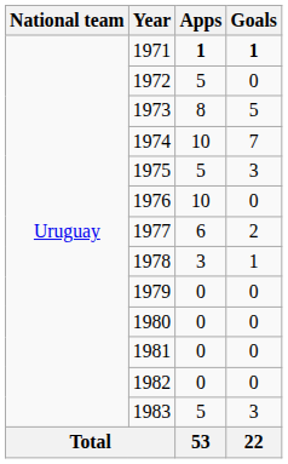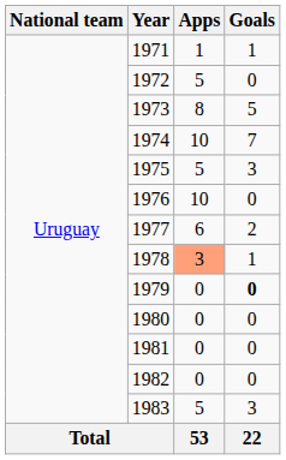 <table class="wikitable" style="text-align:center">
 <tr>
 <th>National team</th>
 <th>Year</th>
 <th>Apps</th>
 <th>Goals</th>
 </tr>
 <tr>
 <td rowspan="13"><a href='#'>Uruguay</a></td>
 <td>1971</td>
-<td><strong>1</strong></td>
-<td><strong>1</strong></td>
+<td>1</td>
+<td>1</td>
 </tr>
 <tr>
 <td>1972</td>
 <td>5</td>
 <td>0</td>
 </tr>
 <tr>
 <td>1973</td>
 <td>8</td>
 <td>5</td>
 </tr>
 <tr>
 <td>1974</td>
 <td>10</td>
 <td>7</td>
 </tr>
 <tr>
 <td>1975</td>
 <td>5</td>
 <td>3</td>
 </tr>
 <tr>
 <td>1976</td>
 <td>10</td>
 <td>0</td>
 </tr>
 <tr>
 <td>1977</td>
 <td>6</td>
 <td>2</td>
 </tr>
 <tr>
 <td>1978</td>
-<td>3</td>
+<td style="background: lightsalmon;">3</td>
 <td>1</td>
 </tr>
 <tr>
 <td>1979</td>
 <td>0</td>
-<td>0</td>
+<td><strong>0</strong></td>
 </tr>
 <tr>
 <td>1980</td>
 <td>0</td>
 <td>0</td>
 </tr>
 <tr>
 <td>1981</td>
 <td>0</td>
 <td>0</td>
 </tr>
 <tr>
 <td>1982</td>
 <td>0</td>
 <td>0</td>
 </tr>
 <tr>
 <td>1983</td>
 <td>5</td>
 <td>3</td>
 </tr>
 <tr>
 <th colspan="2">Total</th>
 <th>53</th>
 <th>22</th>
 </tr>
 </table>
